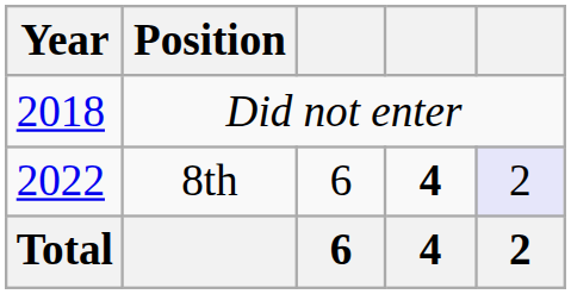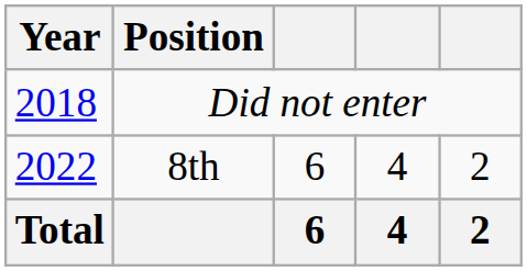 <table class="wikitable" style="text-align: center;">
 <tr>
 <th>Year</th>
 <th>Position</th>
 <th width=25px></th>
 <th width=25px></th>
 <th width=25px></th>
 </tr>
 <tr>
 <td style="text-align: left;"> <a href='#'>2018</a></td>
 <td colspan=4><em>Did not enter</em></td>
 </tr>
 <tr>
 <td style="text-align: left;"> <a href='#'>2022</a></td>
 <td>8th</td>
 <td>6</td>
-<td><strong>4</strong></td>
-<td style="background: lavender;">2</td>
+<td>4</td>
+<td>2</td>
 </tr>
 <tr>
 <th>Total</th>
 <th></th>
 <th>6</th>
 <th>4</th>
 <th>2</th>
 </tr>
 </table>
